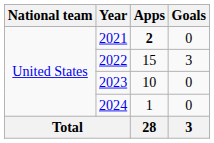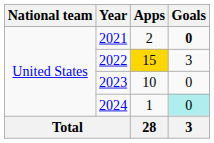 <table class="wikitable" style="text-align:center">
 <tr>
 <th>National team</th>
 <th>Year</th>
 <th>Apps</th>
 <th>Goals</th>
 </tr>
 <tr>
 <td rowspan=4><a href='#'>United States</a></td>
 <td><a href='#'>2021</a></td>
-<td><strong>2</strong></td>
-<td>0</td>
+<td>2</td>
+<td><strong>0</strong></td>
 </tr>
 <tr>
 <td><a href='#'>2022</a></td>
-<td>15</td>
+<td style="background: gold;">15</td>
 <td>3</td>
 </tr>
 <tr>
 <td><a href='#'>2023</a></td>
 <td>10</td>
 <td>0</td>
 </tr>
 <tr>
 <td><a href='#'>2024</a></td>
 <td>1</td>
-<td>0</td>
+<td style="background: paleturquoise;">0</td>
 </tr>
 <tr>
 <th colspan=2>Total</th>
 <th>28</th>
 <th>3</th>
 </tr>
 </table>
